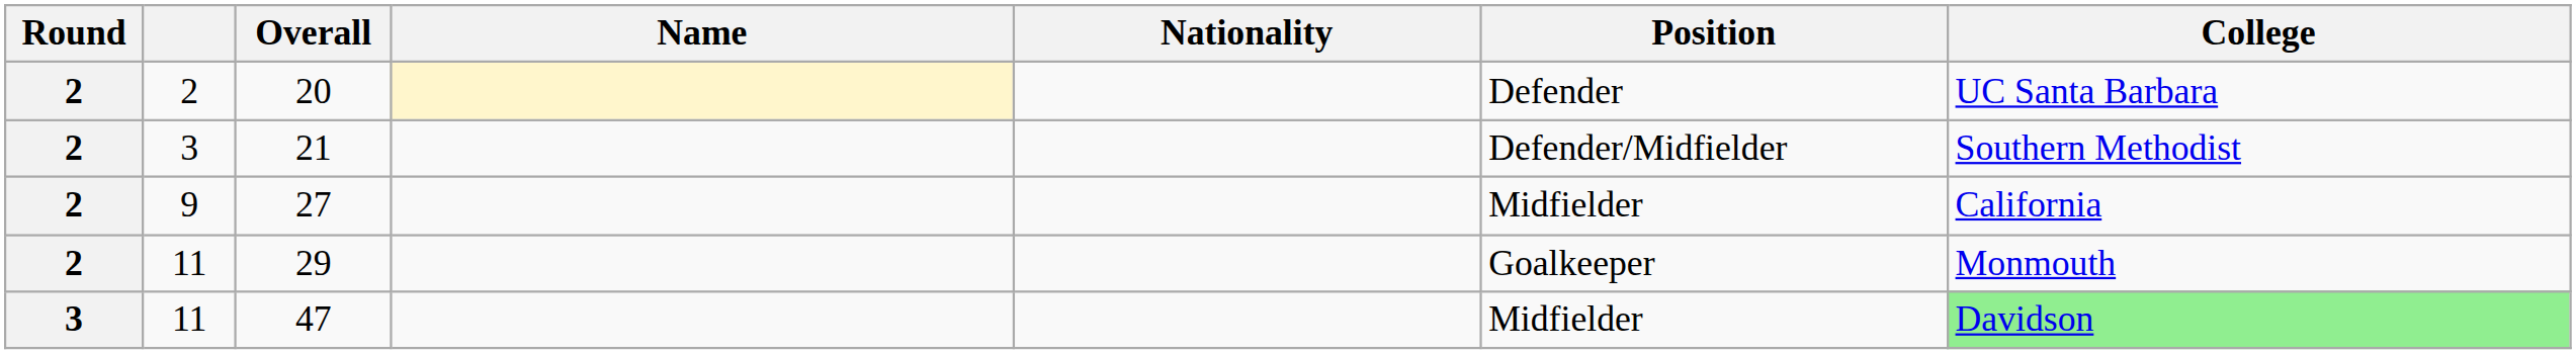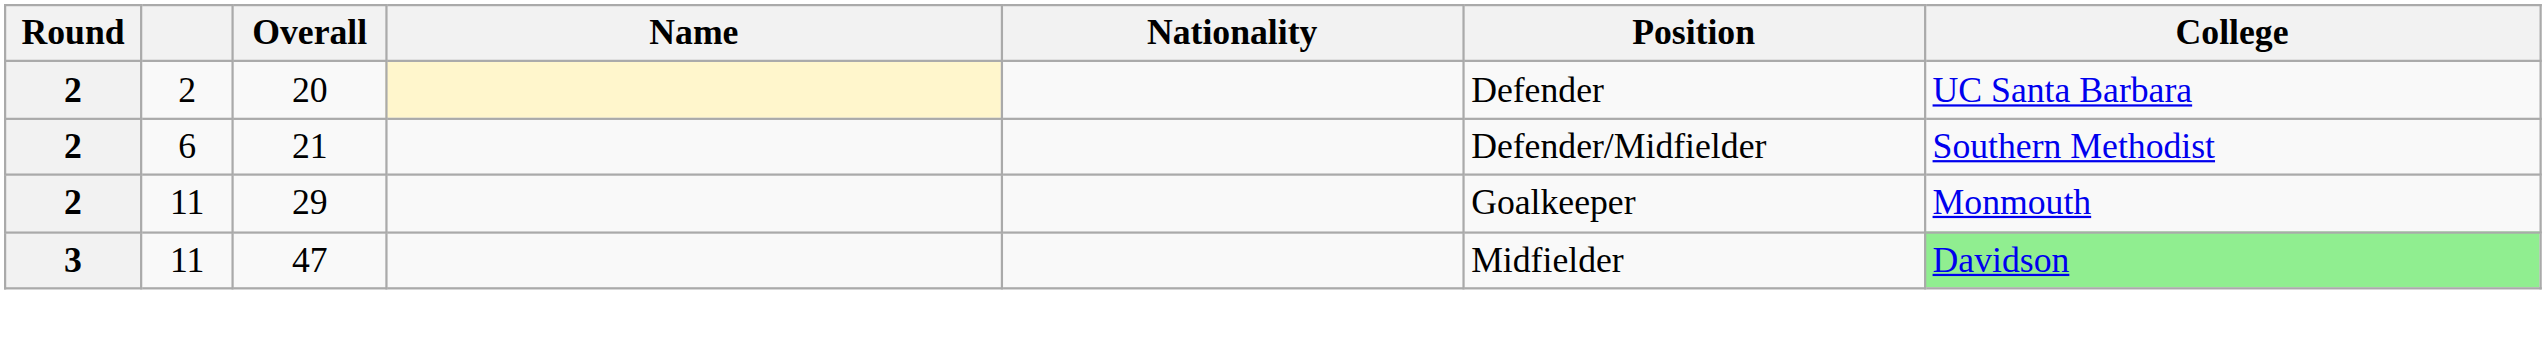 <table class="wikitable sortable" style="width:90%">
 <tr>
 <th scope="col" style="width: 3%;">Round</th>
 <th scope="col" style="width: 3%;"></th>
 <th scope="col" style="width: 4%;">Overall</th>
 <th scope="col" style="width: 20%;">Name</th>
 <th scope="col" style="width: 15%;">Nationality</th>
 <th scope="col" style="width: 15%;">Position</th>
 <th scope="col" style="width: 20%;">College</th>
 </tr>
 <tr>
 <th scope="row">2</th>
 <td align="center">2</td>
 <td align="center">20</td>
 <td style="background-color:#fff6cc;"> </td>
 <td></td>
 <td>Defender</td>
 <td><a href='#'>UC Santa Barbara</a></td>
 </tr>
 <tr>
 <th scope="row">2</th>
-<td align="center">3</td>
+<td align="center">6</td>
 <td align="center">21</td>
 <td></td>
 <td></td>
 <td>Defender/Midfielder</td>
 <td><a href='#'>Southern Methodist</a></td>
-</tr>
-<tr>
-<th scope="row">2</th>
-<td align="center">9</td>
-<td align="center">27</td>
-<td></td>
-<td></td>
-<td>Midfielder</td>
-<td><a href='#'>California</a></td>
 </tr>
 <tr>
 <th scope="row">2</th>
 <td align="center">11</td>
 <td align="center">29</td>
 <td></td>
 <td></td>
 <td>Goalkeeper</td>
 <td><a href='#'>Monmouth</a></td>
 </tr>
 <tr>
 <th scope="row">3</th>
 <td align="center">11</td>
 <td align="center">47</td>
 <td></td>
 <td></td>
 <td>Midfielder</td>
 <td style="background: lightgreen;"><a href='#'>Davidson</a></td>
 </tr>
 </table>
